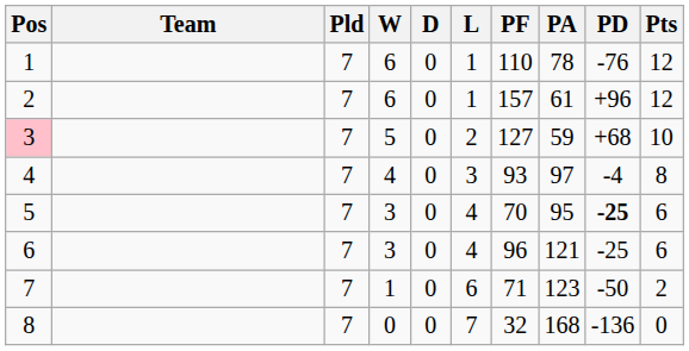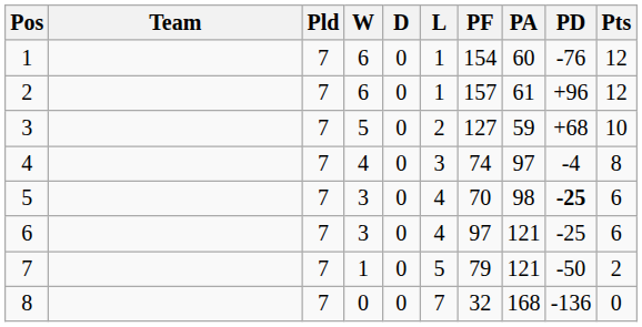 <table class="wikitable" style="text-align:center">
 <tr>
 <th width=20 abbr="Position">Pos</th>
 <th width=175>Team</th>
 <th width=20 abbr="Played">Pld</th>
 <th width=20 abbr="Won">W</th>
 <th width=20 abbr="Drawn">D</th>
 <th width=20 abbr="Lost">L</th>
 <th width=20 abbr="Points for">PF</th>
 <th width=20 abbr="Points against">PA</th>
 <th width=25 abbr="Points difference">PD</th>
 <th width=20 abbr="Points">Pts</th>
 </tr>
 <tr>
 <td>1</td>
 <td style="text-align:left"></td>
 <td>7</td>
 <td>6</td>
 <td>0</td>
 <td>1</td>
-<td>110</td>
-<td>78</td>
+<td>154</td>
+<td>60</td>
 <td>-76</td>
 <td>12</td>
 </tr>
 <tr>
 <td>2</td>
 <td style="text-align:left"></td>
 <td>7</td>
 <td>6</td>
 <td>0</td>
 <td>1</td>
 <td>157</td>
 <td>61</td>
 <td>+96</td>
 <td>12</td>
 </tr>
 <tr>
-<td style="background: pink;">3</td>
+<td>3</td>
 <td style="text-align:left"></td>
 <td>7</td>
 <td>5</td>
 <td>0</td>
 <td>2</td>
 <td>127</td>
 <td>59</td>
 <td>+68</td>
 <td>10</td>
 </tr>
 <tr>
 <td>4</td>
 <td style="text-align:left"></td>
 <td>7</td>
 <td>4</td>
 <td>0</td>
 <td>3</td>
-<td>93</td>
+<td>74</td>
 <td>97</td>
 <td>-4</td>
 <td>8</td>
 </tr>
 <tr>
 <td>5</td>
 <td style="text-align:left"></td>
 <td>7</td>
 <td>3</td>
 <td>0</td>
 <td>4</td>
 <td>70</td>
-<td>95</td>
+<td>98</td>
 <td><strong>-25</strong></td>
 <td>6</td>
 </tr>
 <tr>
 <td>6</td>
 <td style="text-align:left"></td>
 <td>7</td>
 <td>3</td>
 <td>0</td>
 <td>4</td>
-<td>96</td>
+<td>97</td>
 <td>121</td>
 <td>-25</td>
 <td>6</td>
 </tr>
 <tr>
 <td>7</td>
 <td style="text-align:left"></td>
 <td>7</td>
 <td>1</td>
 <td>0</td>
-<td>6</td>
-<td>71</td>
-<td>123</td>
+<td>5</td>
+<td>79</td>
+<td>121</td>
 <td>-50</td>
 <td>2</td>
 </tr>
 <tr>
 <td>8</td>
 <td style="text-align:left"></td>
 <td>7</td>
 <td>0</td>
 <td>0</td>
 <td>7</td>
 <td>32</td>
 <td>168</td>
 <td>-136</td>
 <td>0</td>
 </tr>
 </table>
